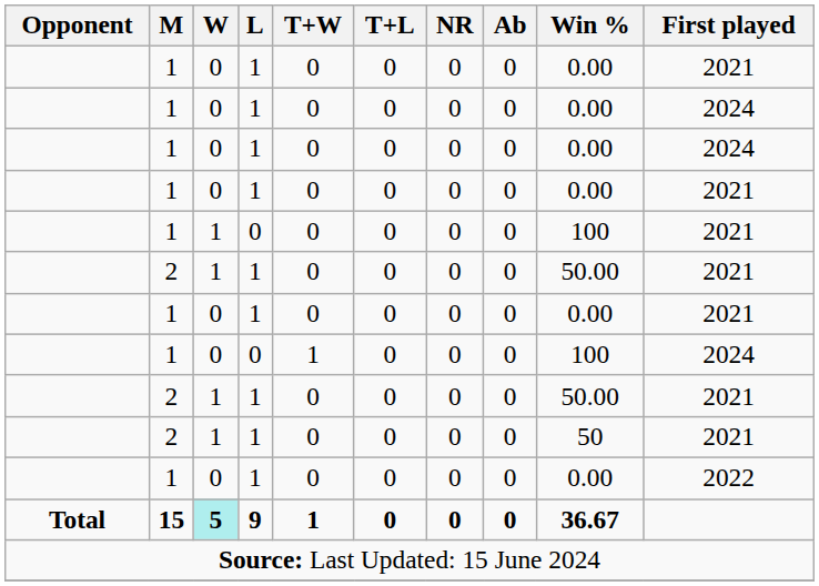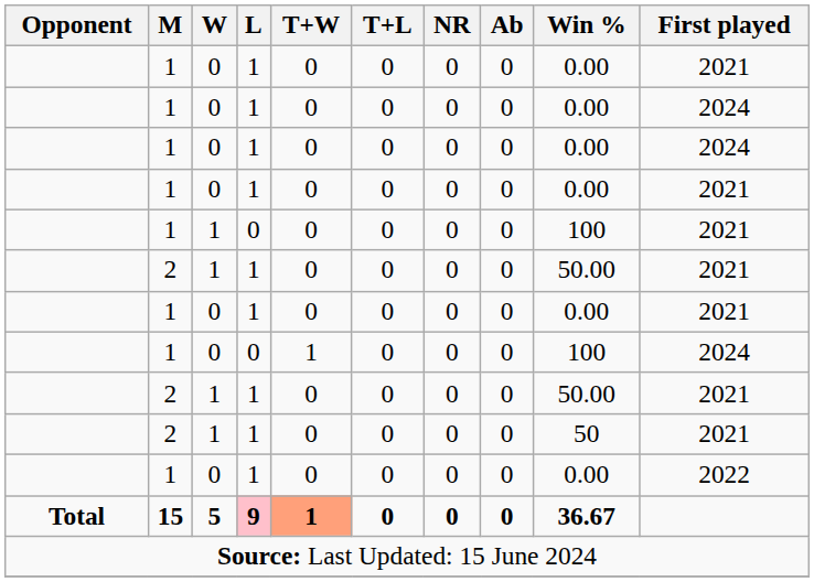 <table class="wikitable" style="text-align: center; width: 500px;">
 <tr>
 <th>Opponent</th>
 <th>M</th>
 <th>W</th>
 <th>L</th>
 <th>T+W</th>
 <th>T+L</th>
 <th>NR</th>
 <th>Ab</th>
 <th>Win %</th>
 <th>First played</th>
 </tr>
 <tr>
 <td align="left"></td>
 <td>1</td>
 <td>0</td>
 <td>1</td>
 <td>0</td>
 <td>0</td>
 <td>0</td>
 <td>0</td>
 <td>0.00</td>
 <td>2021</td>
 </tr>
 <tr>
 <td align="left"></td>
 <td>1</td>
 <td>0</td>
 <td>1</td>
 <td>0</td>
 <td>0</td>
 <td>0</td>
 <td>0</td>
 <td>0.00</td>
 <td>2024</td>
 </tr>
 <tr>
 <td align="left"></td>
 <td>1</td>
 <td>0</td>
 <td>1</td>
 <td>0</td>
 <td>0</td>
 <td>0</td>
 <td>0</td>
 <td>0.00</td>
 <td>2024</td>
 </tr>
 <tr>
 <td align="left"></td>
 <td>1</td>
 <td>0</td>
 <td>1</td>
 <td>0</td>
 <td>0</td>
 <td>0</td>
 <td>0</td>
 <td>0.00</td>
 <td>2021</td>
 </tr>
 <tr>
 <td align="left"></td>
 <td>1</td>
 <td>1</td>
 <td>0</td>
 <td>0</td>
 <td>0</td>
 <td>0</td>
 <td>0</td>
 <td>100</td>
 <td>2021</td>
 </tr>
 <tr>
 <td align="left"></td>
 <td>2</td>
 <td>1</td>
 <td>1</td>
 <td>0</td>
 <td>0</td>
 <td>0</td>
 <td>0</td>
 <td>50.00</td>
 <td>2021</td>
 </tr>
 <tr>
 <td align="left"></td>
 <td>1</td>
 <td>0</td>
 <td>1</td>
 <td>0</td>
 <td>0</td>
 <td>0</td>
 <td>0</td>
 <td>0.00</td>
 <td>2021</td>
 </tr>
 <tr>
 <td align="left"></td>
 <td>1</td>
 <td>0</td>
 <td>0</td>
 <td>1</td>
 <td>0</td>
 <td>0</td>
 <td>0</td>
 <td>100</td>
 <td>2024</td>
 </tr>
 <tr>
 <td align="left"></td>
 <td>2</td>
 <td>1</td>
 <td>1</td>
 <td>0</td>
 <td>0</td>
 <td>0</td>
 <td>0</td>
 <td>50.00</td>
 <td>2021</td>
 </tr>
 <tr>
 <td align="left"></td>
 <td>2</td>
 <td>1</td>
 <td>1</td>
 <td>0</td>
 <td>0</td>
 <td>0</td>
 <td>0</td>
 <td>50</td>
 <td>2021</td>
 </tr>
 <tr>
 <td align="left"></td>
 <td>1</td>
 <td>0</td>
 <td>1</td>
 <td>0</td>
 <td>0</td>
 <td>0</td>
 <td>0</td>
 <td>0.00</td>
 <td>2022</td>
 </tr>
 <tr>
 <td><strong>Total</strong></td>
 <td><strong>15</strong></td>
-<td style="background: paleturquoise;"><strong>5</strong></td>
-<td><strong>9</strong></td>
-<td><strong>1</strong></td>
+<td><strong>5</strong></td>
+<td style="background: pink;"><strong>9</strong></td>
+<td style="background: lightsalmon;"><strong>1</strong></td>
 <td><strong>0</strong></td>
 <td><strong>0</strong></td>
 <td><strong>0</strong></td>
 <td><strong>36.67</strong></td>
 <td></td>
 </tr>
 <tr>
 <td colspan="10"><strong>Source:</strong> Last Updated: 15 June 2024</td>
 </tr>
 <tr>
 </tr>
 </table>
